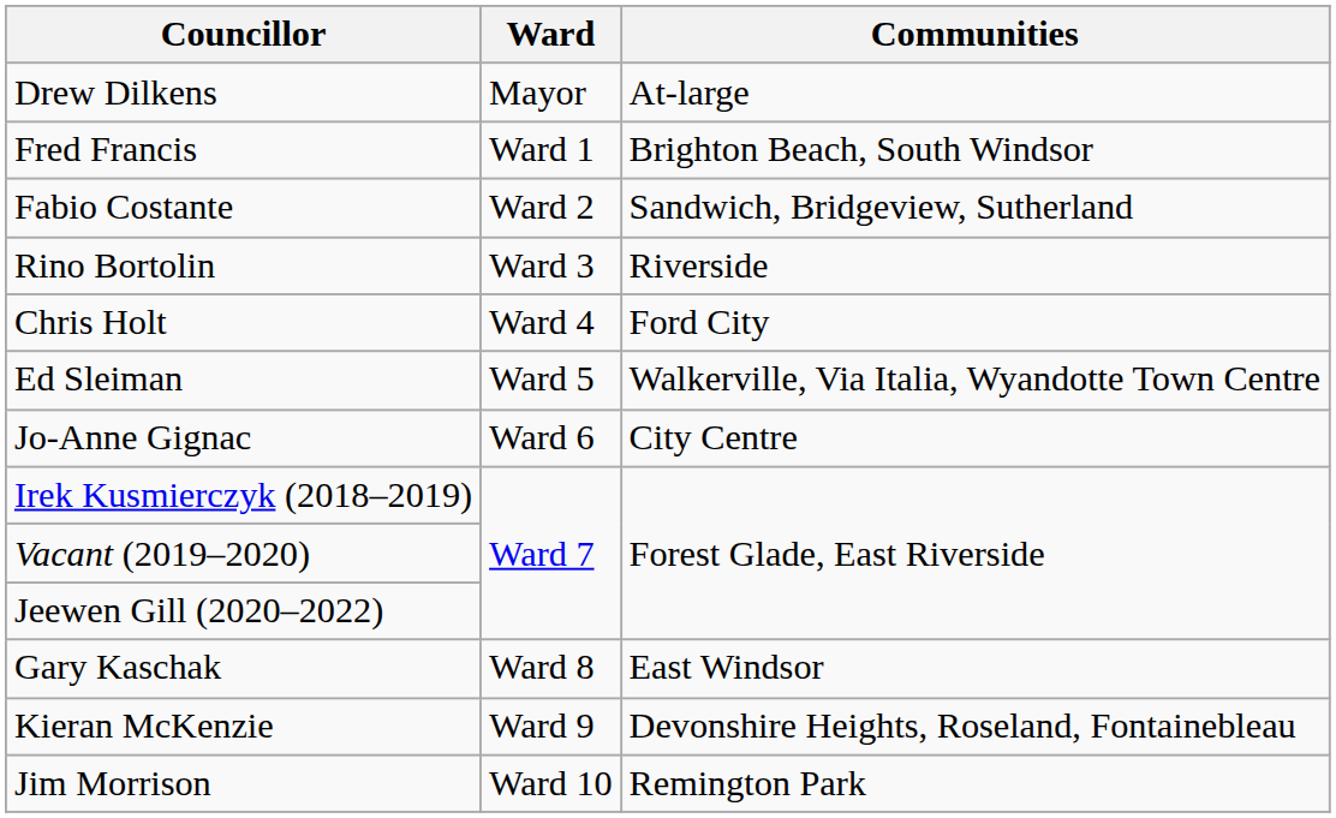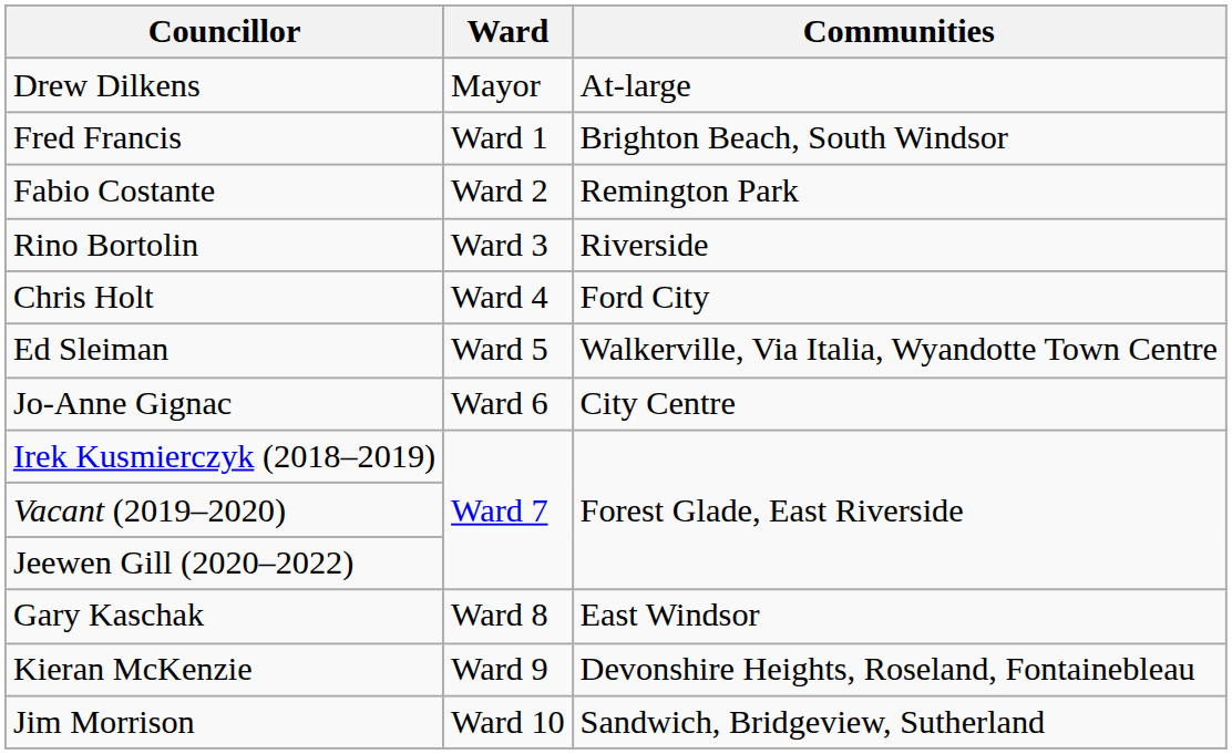 <table class="wikitable">
 <tr>
 <th>Councillor</th>
 <th>Ward</th>
 <th>Communities</th>
 </tr>
 <tr>
 <td>Drew Dilkens</td>
 <td>Mayor</td>
 <td>At-large</td>
 </tr>
 <tr>
 <td>Fred Francis</td>
 <td>Ward 1</td>
 <td>Brighton Beach, South Windsor</td>
 </tr>
 <tr>
 <td>Fabio Costante</td>
 <td>Ward 2</td>
-<td>Sandwich, Bridgeview, Sutherland</td>
+<td>Remington Park</td>
 </tr>
 <tr>
 <td>Rino Bortolin</td>
 <td>Ward 3</td>
 <td>Riverside</td>
 </tr>
 <tr>
 <td>Chris Holt</td>
 <td>Ward 4</td>
 <td>Ford City</td>
 </tr>
 <tr>
 <td>Ed Sleiman</td>
 <td>Ward 5</td>
 <td>Walkerville, Via Italia, Wyandotte Town Centre</td>
 </tr>
 <tr>
 <td>Jo-Anne Gignac</td>
 <td>Ward 6</td>
 <td>City Centre</td>
 </tr>
 <tr>
 <td><a href='#'>Irek Kusmierczyk</a> (2018–2019)</td>
 <td rowspan="3"><a href='#'>Ward 7</a></td>
 <td rowspan="3">Forest Glade, East Riverside</td>
 </tr>
 <tr>
 <td><em>Vacant</em> (2019–2020)</td>
 </tr>
 <tr>
 <td>Jeewen Gill (2020–2022)</td>
 </tr>
 <tr>
 <td>Gary Kaschak</td>
 <td>Ward 8</td>
 <td>East Windsor</td>
 </tr>
 <tr>
 <td>Kieran McKenzie</td>
 <td>Ward 9</td>
 <td>Devonshire Heights, Roseland, Fontainebleau</td>
 </tr>
 <tr>
 <td>Jim Morrison</td>
 <td>Ward 10</td>
-<td>Remington Park</td>
+<td>Sandwich, Bridgeview, Sutherland</td>
 </tr>
 </table>
